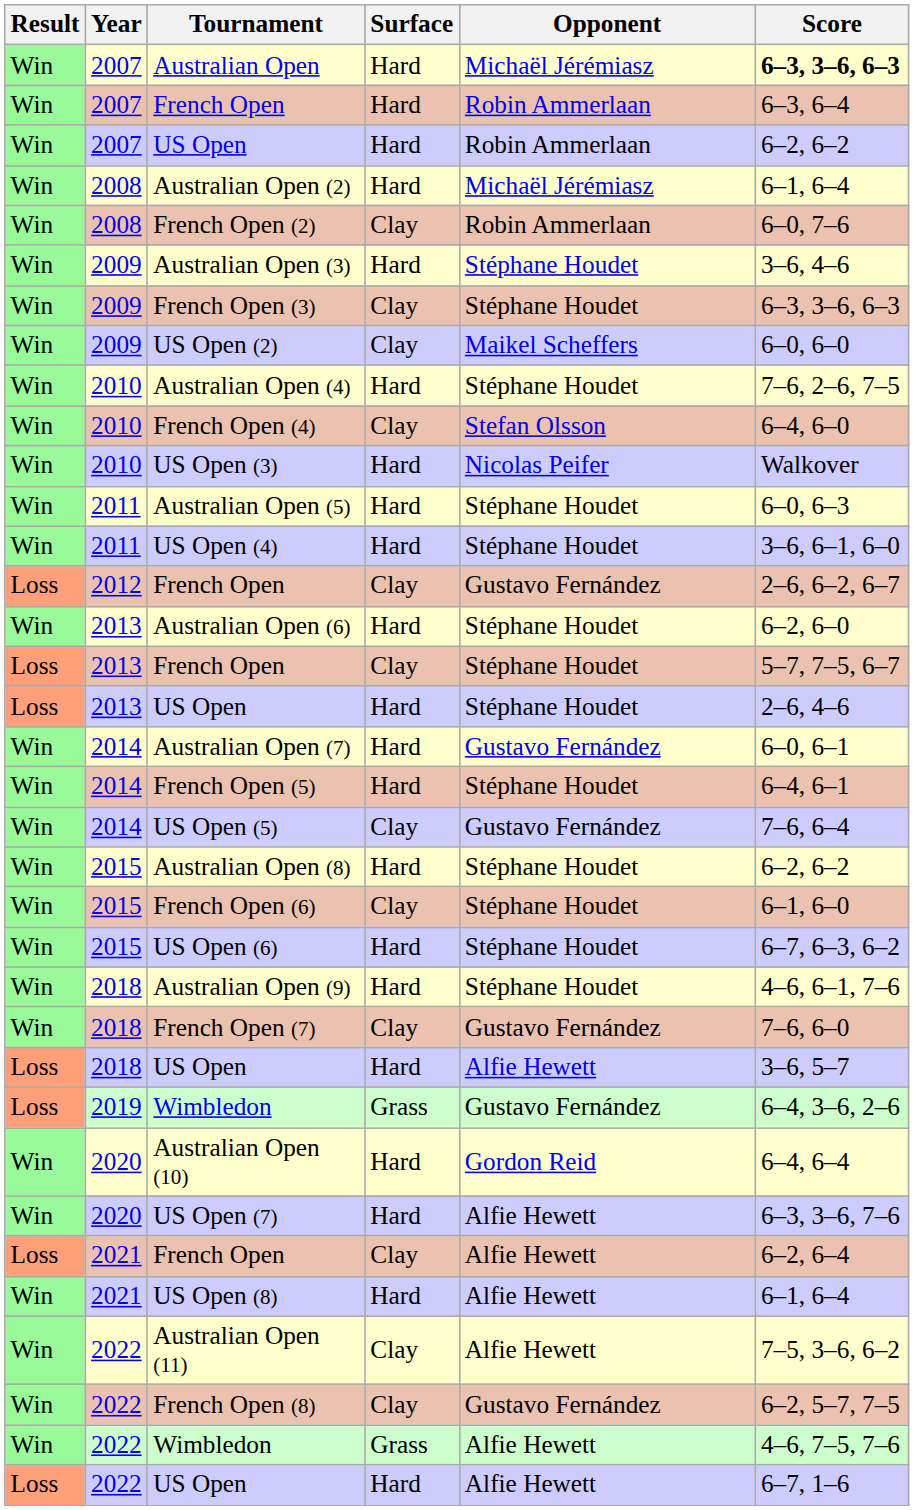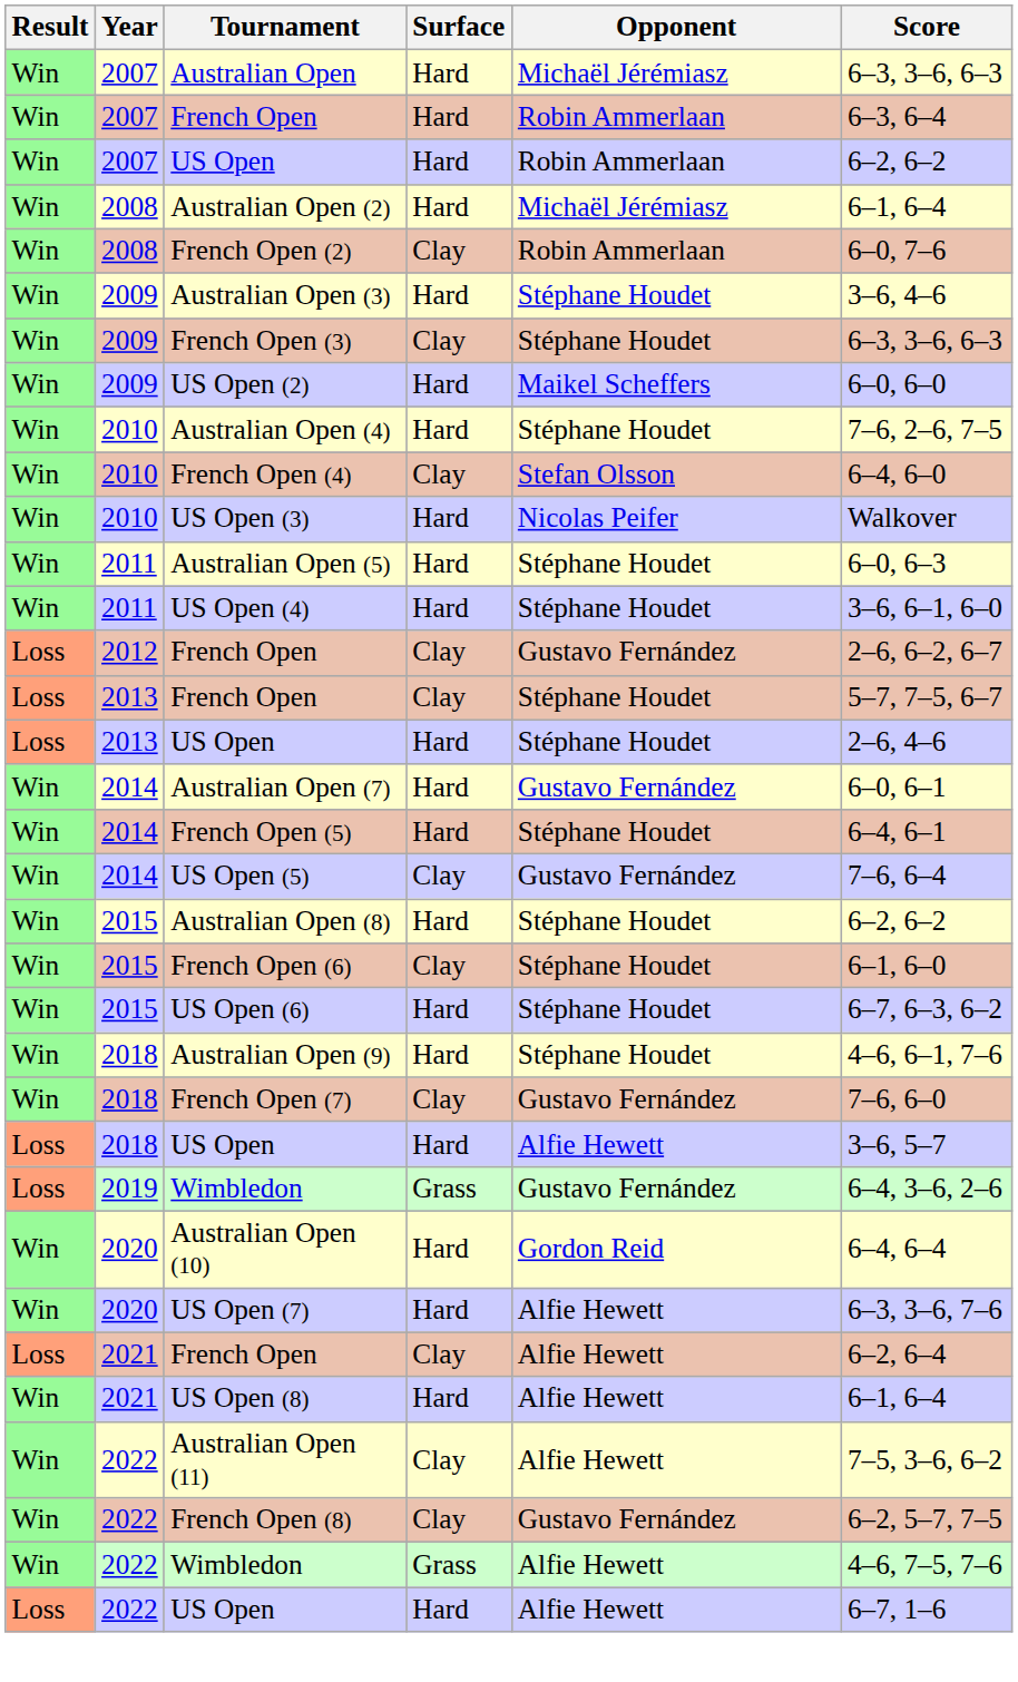 <table class="sortable wikitable">
 <tr>
 <th>Result</th>
 <th style="width:25px;">Year</th>
 <th style="width:130px;">Tournament</th>
 <th style="width:20px;">Surface</th>
 <th style="width:180px;">Opponent</th>
 <th style="width:90px;" class="unsortable">Score</th>
 </tr>
 <tr style="background:#ffc;">
 <td style="background:#98FB98;">Win</td>
 <td><a href='#'>2007</a></td>
 <td><a href='#'>Australian Open</a></td>
 <td>Hard</td>
 <td> <a href='#'>Michaël Jérémiasz</a></td>
-<td><strong>6–3, 3–6, 6–3</strong></td>
+<td>6–3, 3–6, 6–3</td>
 </tr>
 <tr style="background:#ebc2af;">
 <td style="background:#98FB98;">Win</td>
 <td><a href='#'>2007</a></td>
 <td><a href='#'>French Open</a></td>
 <td>Hard</td>
 <td> <a href='#'>Robin Ammerlaan</a></td>
 <td>6–3, 6–4</td>
 </tr>
 <tr style=background:#CCCCFF>
 <td bgcolor= 98fb98>Win</td>
 <td><a href='#'>2007</a></td>
 <td><a href='#'>US Open</a></td>
 <td>Hard</td>
 <td> Robin Ammerlaan</td>
 <td>6–2, 6–2</td>
 </tr>
 <tr style="background:#ffc;">
 <td style="background:#98FB98;">Win</td>
 <td><a href='#'>2008</a></td>
 <td>Australian Open <small>(2)</small></td>
 <td>Hard</td>
 <td> <a href='#'>Michaël Jérémiasz</a></td>
 <td>6–1, 6–4</td>
 </tr>
 <tr style="background:#ebc2af;">
 <td style="background:#98FB98;">Win</td>
 <td><a href='#'>2008</a></td>
 <td>French Open <small>(2)</small></td>
 <td>Clay</td>
 <td> Robin Ammerlaan</td>
 <td>6–0, 7–6</td>
 </tr>
 <tr style="background:#ffc;">
 <td style="background:#98FB98;">Win</td>
 <td><a href='#'>2009</a></td>
 <td>Australian Open <small>(3)</small></td>
 <td>Hard</td>
 <td> <a href='#'>Stéphane Houdet</a></td>
 <td>3–6, 4–6</td>
 </tr>
 <tr style="background:#ebc2af;">
 <td style="background:#98FB98;">Win</td>
 <td><a href='#'>2009</a></td>
 <td>French Open <small>(3)</small></td>
 <td>Clay</td>
 <td> Stéphane Houdet</td>
 <td>6–3, 3–6, 6–3</td>
 </tr>
 <tr style=background:#CCCCFF>
 <td bgcolor= 98fb98>Win</td>
 <td><a href='#'>2009</a></td>
 <td>US Open <small>(2)</small></td>
-<td>Clay</td>
+<td>Hard</td>
 <td> <a href='#'>Maikel Scheffers</a></td>
 <td>6–0, 6–0</td>
 </tr>
 <tr style="background:#ffc;">
 <td style="background:#98FB98;">Win</td>
 <td><a href='#'>2010</a></td>
 <td>Australian Open <small>(4)</small></td>
 <td>Hard</td>
 <td> Stéphane Houdet</td>
 <td>7–6, 2–6, 7–5</td>
 </tr>
 <tr style="background:#ebc2af;">
 <td style="background:#98FB98;">Win</td>
 <td><a href='#'>2010</a></td>
 <td>French Open <small>(4)</small></td>
 <td>Clay</td>
 <td> <a href='#'>Stefan Olsson</a></td>
 <td>6–4, 6–0</td>
 </tr>
 <tr style=background:#CCCCFF>
 <td bgcolor= 98fb98>Win</td>
 <td><a href='#'>2010</a></td>
 <td>US Open <small>(3)</small></td>
 <td>Hard</td>
 <td> <a href='#'>Nicolas Peifer</a></td>
 <td>Walkover</td>
 </tr>
 <tr style="background:#ffc;">
 <td style="background:#98FB98;">Win</td>
 <td><a href='#'>2011</a></td>
 <td>Australian Open <small>(5)</small></td>
 <td>Hard</td>
 <td> Stéphane Houdet</td>
 <td>6–0, 6–3</td>
 </tr>
 <tr style=background:#CCCCFF>
 <td bgcolor= 98fb98>Win</td>
 <td><a href='#'>2011</a></td>
 <td>US Open <small>(4)</small></td>
 <td>Hard</td>
 <td> Stéphane Houdet</td>
 <td>3–6, 6–1, 6–0</td>
 </tr>
 <tr style="background:#ebc2af;">
 <td style="background:#FFA07A">Loss</td>
 <td><a href='#'>2012</a></td>
 <td>French Open</td>
 <td>Clay</td>
 <td> Gustavo Fernández</td>
 <td>2–6, 6–2, 6–7</td>
-</tr>
-<tr style="background:#ffc;">
-<td style="background:#98FB98;">Win</td>
-<td><a href='#'>2013</a></td>
-<td>Australian Open <small>(6)</small></td>
-<td>Hard</td>
-<td> Stéphane Houdet</td>
-<td>6–2, 6–0</td>
 </tr>
 <tr style="background:#ebc2af;">
 <td style="background:#FFA07A">Loss</td>
 <td><a href='#'>2013</a></td>
 <td>French Open</td>
 <td>Clay</td>
 <td> Stéphane Houdet</td>
 <td>5–7, 7–5, 6–7</td>
 </tr>
 <tr style=background:#CCCCFF>
 <td bgcolor=FFA07A>Loss</td>
 <td><a href='#'>2013</a></td>
 <td>US Open</td>
 <td>Hard</td>
 <td> Stéphane Houdet</td>
 <td>2–6, 4–6</td>
 </tr>
 <tr style="background:#ffc">
 <td style="background:#98FB98;">Win</td>
 <td><a href='#'>2014</a></td>
 <td>Australian Open <small>(7)</small></td>
 <td>Hard</td>
 <td>  <a href='#'>Gustavo Fernández</a></td>
 <td>6–0, 6–1</td>
 </tr>
 <tr style="background:#ebc2af;">
 <td style="background:#98FB98;">Win</td>
 <td><a href='#'>2014</a></td>
 <td>French Open <small>(5)</small></td>
 <td>Hard</td>
 <td> Stéphane Houdet</td>
 <td>6–4, 6–1</td>
 </tr>
 <tr style=background:#CCCCFF>
 <td bgcolor= 98fb98>Win</td>
 <td><a href='#'>2014</a></td>
 <td>US Open <small>(5)</small></td>
 <td>Clay</td>
 <td> Gustavo Fernández</td>
 <td>7–6, 6–4</td>
 </tr>
 <tr style="background:#ffc;">
 <td style="background:#98FB98;">Win</td>
 <td><a href='#'>2015</a></td>
 <td>Australian Open <small>(8)</small></td>
 <td>Hard</td>
 <td> Stéphane Houdet</td>
 <td>6–2, 6–2</td>
 </tr>
 <tr style="background:#ebc2af;">
 <td style="background:#98FB98;">Win</td>
 <td><a href='#'>2015</a></td>
 <td>French Open <small>(6)</small></td>
 <td>Clay</td>
 <td> Stéphane Houdet</td>
 <td>6–1, 6–0</td>
 </tr>
 <tr style=background:#CCCCFF>
 <td bgcolor= 98fb98>Win</td>
 <td><a href='#'>2015</a></td>
 <td>US Open <small>(6)</small></td>
 <td>Hard</td>
 <td> Stéphane Houdet</td>
 <td>6–7, 6–3, 6–2</td>
 </tr>
 <tr style="background:#ffc;">
 <td style="background:#98FB98;">Win</td>
 <td><a href='#'>2018</a></td>
 <td>Australian Open <small>(9)</small></td>
 <td>Hard</td>
 <td> Stéphane Houdet</td>
 <td>4–6, 6–1, 7–6</td>
 </tr>
 <tr style="background:#ebc2af;">
 <td style="background:#98FB98;">Win</td>
 <td><a href='#'>2018</a></td>
 <td>French Open <small>(7)</small></td>
 <td>Clay</td>
 <td> Gustavo Fernández</td>
 <td>7–6, 6–0</td>
 </tr>
 <tr style=background:#CCCCFF>
 <td bgcolor= FFA07A>Loss</td>
 <td><a href='#'>2018</a></td>
 <td>US Open</td>
 <td>Hard</td>
 <td> <a href='#'>Alfie Hewett</a></td>
 <td>3–6, 5–7</td>
 </tr>
 <tr style="background:#cfc;">
 <td style="background:#ffa07a;">Loss</td>
 <td><a href='#'>2019</a></td>
 <td><a href='#'>Wimbledon</a></td>
 <td>Grass</td>
 <td> Gustavo Fernández</td>
 <td>6–4, 3–6, 2–6</td>
 </tr>
 <tr style="background:#ffc;">
 <td style="background:#98FB98;">Win</td>
 <td><a href='#'>2020</a></td>
 <td>Australian Open <small>(10)</small></td>
 <td>Hard</td>
 <td> <a href='#'>Gordon Reid</a></td>
 <td>6–4, 6–4</td>
 </tr>
 <tr style=background:#CCCCFF>
 <td bgcolor= 98fb98>Win</td>
 <td><a href='#'>2020</a></td>
 <td>US Open <small>(7)</small></td>
 <td>Hard</td>
 <td> Alfie Hewett</td>
 <td>6–3, 3–6, 7–6</td>
 </tr>
 <tr style="background:#ebc2af;">
 <td style="background:#FFA07A">Loss</td>
 <td><a href='#'>2021</a></td>
 <td>French Open</td>
 <td>Clay</td>
 <td> Alfie Hewett</td>
 <td>6–2, 6–4</td>
 </tr>
 <tr style=background:#CCCCFF>
 <td bgcolor= 98fb98>Win</td>
 <td><a href='#'>2021</a></td>
 <td>US Open <small>(8)</small></td>
 <td>Hard</td>
 <td> Alfie Hewett</td>
 <td>6–1, 6–4</td>
 </tr>
 <tr style="background:#ffc;">
 <td style="background:#98FB98;">Win</td>
 <td><a href='#'>2022</a></td>
 <td>Australian Open <small>(11)</small></td>
 <td>Clay</td>
 <td> Alfie Hewett</td>
 <td>7–5, 3–6, 6–2</td>
 </tr>
 <tr style="background:#ebc2af;">
 <td style="background:#98FB98;">Win</td>
 <td><a href='#'>2022</a></td>
 <td>French Open <small>(8)</small></td>
 <td>Clay</td>
 <td> Gustavo Fernández</td>
 <td>6–2, 5–7, 7–5</td>
 </tr>
 <tr style="background:#cfc;">
 <td style="background:#98FB98;">Win</td>
 <td><a href='#'>2022</a></td>
 <td>Wimbledon</td>
 <td>Grass</td>
 <td> Alfie Hewett</td>
 <td>4–6, 7–5, 7–6</td>
 </tr>
 <tr style=background:#CCCCFF>
 <td bgcolor= FFA07A>Loss</td>
 <td><a href='#'>2022</a></td>
 <td>US Open</td>
 <td>Hard</td>
 <td> Alfie Hewett</td>
 <td>6–7, 1–6</td>
 </tr>
 </table>
